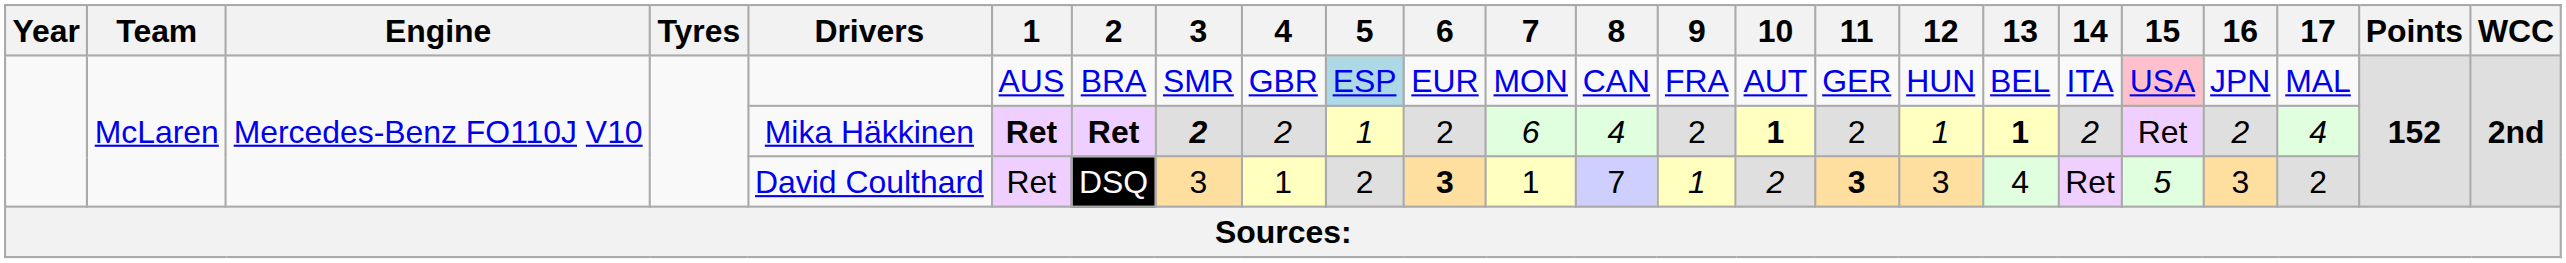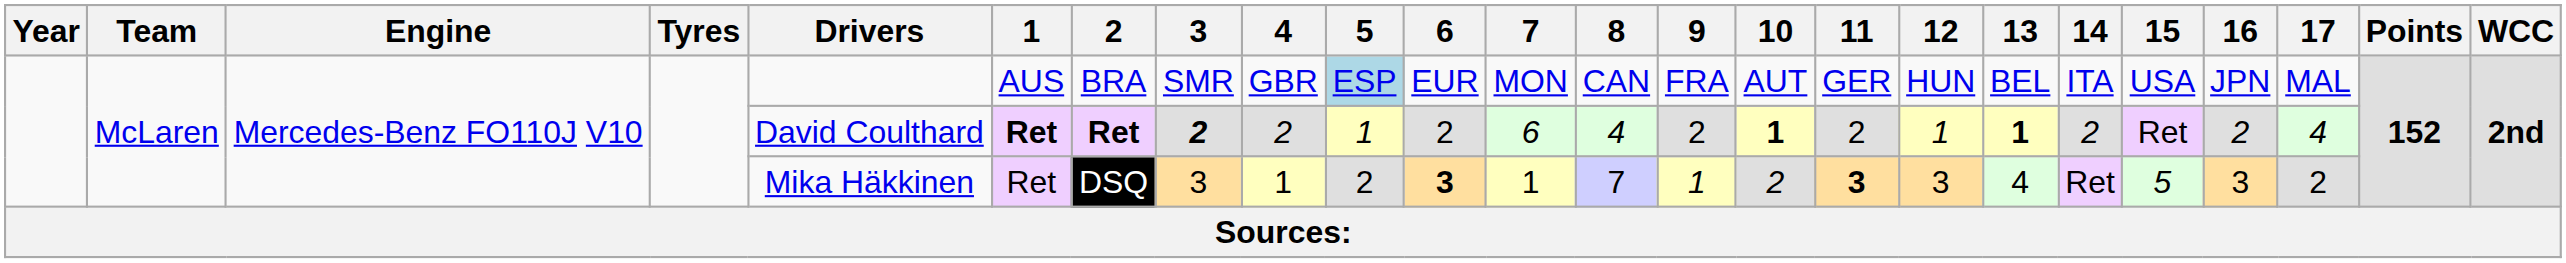 <table class="wikitable" style="text-align:center; font-size:95%">
 <tr>
 <th>Year</th>
 <th>Team</th>
 <th>Engine</th>
 <th>Tyres</th>
 <th>Drivers</th>
 <th>1</th>
 <th>2</th>
 <th>3</th>
 <th>4</th>
 <th>5</th>
 <th>6</th>
 <th>7</th>
 <th>8</th>
 <th>9</th>
 <th>10</th>
 <th>11</th>
 <th>12</th>
 <th>13</th>
 <th>14</th>
 <th>15</th>
 <th>16</th>
 <th>17</th>
 <th>Points</th>
 <th>WCC</th>
 </tr>
 <tr>
 <td rowspan="3"></td>
 <td rowspan="3"><a href='#'>McLaren</a></td>
 <td rowspan="3"><a href='#'>Mercedes-Benz FO110J</a> <a href='#'>V10</a></td>
 <td rowspan="3"></td>
 <td></td>
 <td><a href='#'>AUS</a></td>
 <td><a href='#'>BRA</a></td>
 <td><a href='#'>SMR</a></td>
 <td><a href='#'>GBR</a></td>
 <td style="background: lightblue;"><a href='#'>ESP</a></td>
 <td><a href='#'>EUR</a></td>
 <td><a href='#'>MON</a></td>
 <td><a href='#'>CAN</a></td>
 <td><a href='#'>FRA</a></td>
 <td><a href='#'>AUT</a></td>
 <td><a href='#'>GER</a></td>
 <td><a href='#'>HUN</a></td>
 <td><a href='#'>BEL</a></td>
 <td><a href='#'>ITA</a></td>
-<td style="background: pink;"><a href='#'>USA</a></td>
+<td><a href='#'>USA</a></td>
 <td><a href='#'>JPN</a></td>
 <td><a href='#'>MAL</a></td>
 <td rowspan="3" style="background:#DFDFDF;"><strong>152</strong></td>
 <td rowspan="3" style="background:#DFDFDF;"><strong>2nd</strong></td>
 </tr>
 <tr>
-<td> <a href='#'>Mika Häkkinen</a></td>
+<td> <a href='#'>David Coulthard</a></td>
 <td style="background:#EFCFFF;"><strong>Ret</strong></td>
 <td style="background:#EFCFFF;"><strong>Ret</strong></td>
 <td style="background:#DFDFDF;"><strong><em>2</em></strong></td>
 <td style="background:#DFDFDF;"><em>2</em></td>
 <td style="background:#FFFFBF;"><em>1</em></td>
 <td style="background:#DFDFDF;">2</td>
 <td style="background:#DFFFDF;"><em>6</em></td>
 <td style="background:#DFFFDF;"><em>4</em></td>
 <td style="background:#DFDFDF;">2</td>
 <td style="background:#FFFFBF;"><strong>1</strong></td>
 <td style="background:#DFDFDF;">2</td>
 <td style="background:#FFFFBF;"><em>1</em></td>
 <td style="background:#FFFFBF;"><strong>1</strong></td>
 <td style="background:#DFDFDF;"><em>2</em></td>
 <td style="background:#EFCFFF;">Ret</td>
 <td style="background:#DFDFDF;"><em>2</em></td>
 <td style="background:#DFFFDF;"><em>4</em></td>
 </tr>
 <tr>
-<td> <a href='#'>David Coulthard</a></td>
+<td> <a href='#'>Mika Häkkinen</a></td>
 <td style="background:#EFCFFF;">Ret</td>
 <td style="background:#000000; color:white">DSQ</td>
 <td style="background:#FFDF9F;">3</td>
 <td style="background:#FFFFBF;">1</td>
 <td style="background:#DFDFDF;">2</td>
 <td style="background:#FFDF9F;"><strong>3</strong></td>
 <td style="background:#FFFFBF;">1</td>
 <td style="background:#CFCFFF;">7</td>
 <td style="background:#FFFFBF;"><em>1</em></td>
 <td style="background:#DFDFDF;"><em>2</em></td>
 <td style="background:#FFDF9F;"><strong>3</strong></td>
 <td style="background:#FFDF9F;">3</td>
 <td style="background:#DFFFDF;">4</td>
 <td style="background:#EFCFFF;">Ret</td>
 <td style="background:#DFFFDF;"><em>5</em></td>
 <td style="background:#FFDF9F;">3</td>
 <td style="background:#DFDFDF;">2</td>
 </tr>
 <tr>
 <th colspan="24">Sources:</th>
 </tr>
 </table>
